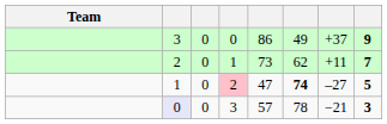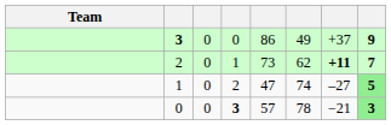 <table class="wikitable" style="text-align:center;">
 <tr>
 <th style="width:10.5em;">Team</th>
 <th style="width:1.5em;"></th>
 <th style="width:1.5em;"></th>
 <th style="width:1.5em;"></th>
 <th style="width:2.0em;"></th>
 <th style="width:2.0em;"></th>
 <th style="width:2.0em;"></th>
 <th style="width:1.5em;"></th>
 </tr>
 <tr bgcolor="ccffcc">
 <td align="left"></td>
-<td>3</td>
+<td><strong>3</strong></td>
 <td>0</td>
 <td>0</td>
 <td>86</td>
 <td>49</td>
 <td>+37</td>
 <td><strong>9</strong></td>
 </tr>
 <tr bgcolor="ccffcc">
 <td align="left"></td>
 <td>2</td>
 <td>0</td>
 <td>1</td>
 <td>73</td>
 <td>62</td>
-<td>+11</td>
+<td><strong>+11</strong></td>
 <td><strong>7</strong></td>
 </tr>
 <tr>
 <td align="left"></td>
 <td>1</td>
 <td>0</td>
-<td style="background: pink;">2</td>
+<td>2</td>
 <td>47</td>
-<td><strong>74</strong></td>
+<td>74</td>
 <td>–27</td>
-<td><strong>5</strong></td>
+<td style="background: lightgreen;"><strong>5</strong></td>
 </tr>
 <tr>
 <td align="left"></td>
-<td style="background: lavender;">0</td>
 <td>0</td>
-<td>3</td>
+<td>0</td>
+<td><strong>3</strong></td>
 <td>57</td>
 <td>78</td>
 <td>−21</td>
-<td><strong>3</strong></td>
+<td style="background: lightgreen;"><strong>3</strong></td>
 </tr>
 </table>
